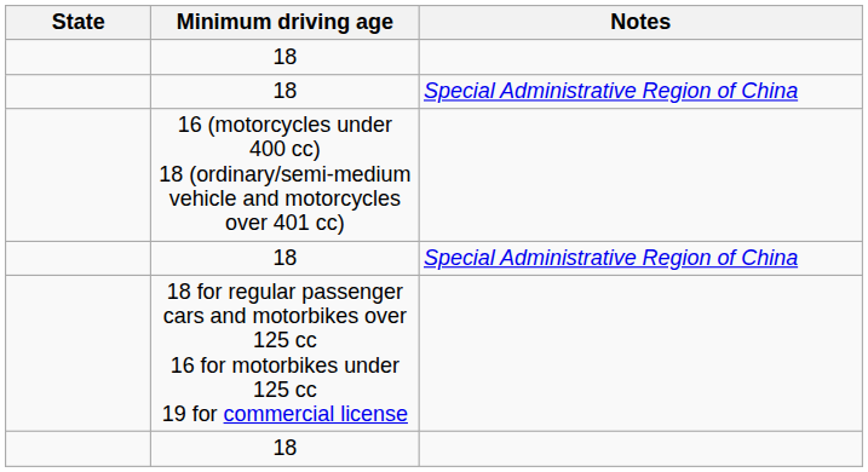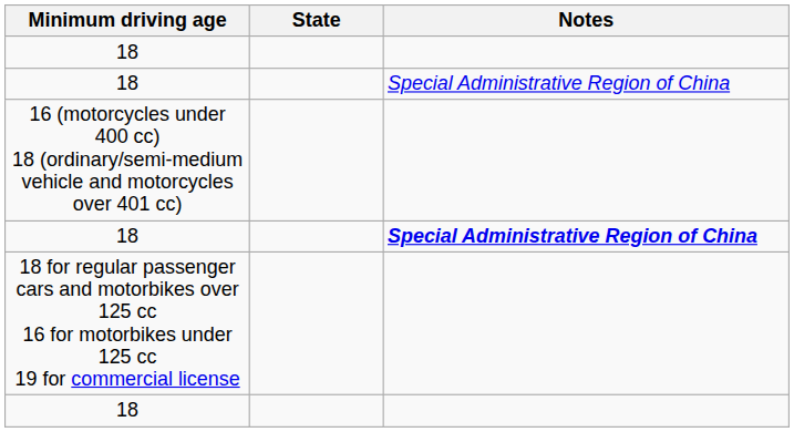 <table class="wikitable sortable">
 <tr>
+<th width="190">Minimum driving age</th>
 <th width="100">State</th>
-<th width="190">Minimum driving age</th>
 <th width="320">Notes</th>
 </tr>
 <tr>
+<td style="text-align:center;">18</td>
 <td></td>
-<td style="text-align:center;">18</td>
 <td></td>
 </tr>
 <tr>
+<td style="text-align:center;">18</td>
 <td><em></em></td>
-<td style="text-align:center;">18</td>
 <td><em><a href='#'>Special Administrative Region of China</a></em></td>
 </tr>
 <tr>
+<td style="text-align:center;">16 (motorcycles under 400 cc)<br>18 (ordinary/semi-medium vehicle and motorcycles over 401 cc)</td>
 <td></td>
-<td style="text-align:center;">16 (motorcycles under 400 cc)<br>18 (ordinary/semi-medium vehicle and motorcycles over 401 cc)</td>
 <td></td>
 </tr>
 <tr>
+<td style="text-align:center;">18</td>
 <td><em></em></td>
-<td style="text-align:center;">18</td>
-<td><em><a href='#'>Special Administrative Region of China</a></em></td>
+<td><strong><em><a href='#'>Special Administrative Region of China</a></em></strong></td>
 </tr>
 <tr>
+<td style="text-align:center;">18 for regular passenger cars and motorbikes over 125 cc<br>16 for motorbikes under 125 cc<br>19 for <a href='#'>commercial license</a></td>
 <td></td>
-<td style="text-align:center;">18 for regular passenger cars and motorbikes over 125 cc<br>16 for motorbikes under 125 cc<br>19 for <a href='#'>commercial license</a></td>
 <td></td>
 </tr>
 <tr>
+<td style="text-align:center;">18</td>
 <td><em></em></td>
-<td style="text-align:center;">18</td>
 <td></td>
 </tr>
 </table>
